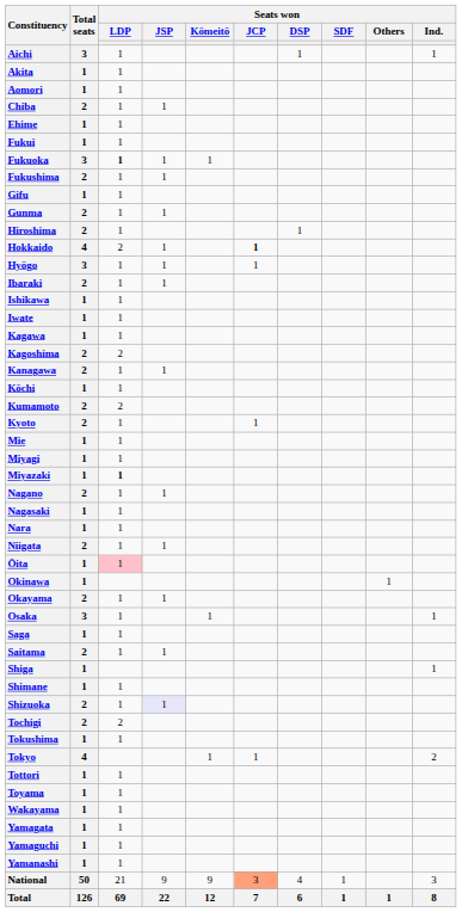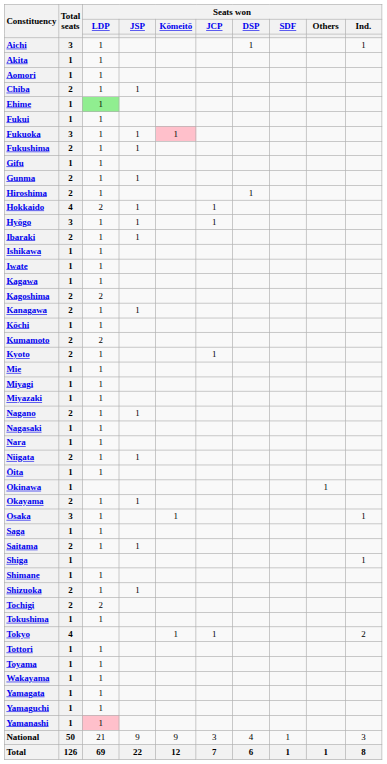 <table class="wikitable" style="text-align:center; font-size: 0.9em;">
 <tr>
 <th rowspan="3">Constituency</th>
 <th rowspan="3">Total<br>seats</th>
 <th colspan="8">Seats won</th>
 </tr>
 <tr>
 <th class="unsortable" style="width:60px;"><a href='#'>LDP</a></th>
 <th class="unsortable" style="width:60px;"><a href='#'>JSP</a></th>
 <th class="unsortable" style="width:60px;"><a href='#'>Kōmeitō</a></th>
 <th class="unsortable" style="width:60px;"><a href='#'>JCP</a></th>
 <th class="unsortable" style="width:60px;"><a href='#'>DSP</a></th>
 <th class="unsortable" style="width:60px;"><a href='#'>SDF</a></th>
 <th class="unsortable" style="width:60px;">Others</th>
 <th class="unsortable" style="width:60px;">Ind.</th>
 </tr>
 <tr>
 <th style="background:"></th>
 <th style="background:"></th>
 <th style="background:"></th>
 <th style="background:"></th>
 <th style="background:"></th>
 <th style="background:"></th>
 <th></th>
 <th style="background:"></th>
 </tr>
 <tr>
 <th style="text-align: left;"><a href='#'>Aichi</a></th>
 <th>3</th>
 <td>1</td>
 <td></td>
 <td></td>
 <td></td>
 <td>1</td>
 <td></td>
 <td></td>
 <td>1</td>
 </tr>
 <tr>
 <th style="text-align: left;"><a href='#'>Akita</a></th>
 <th>1</th>
 <td>1</td>
 <td></td>
 <td></td>
 <td></td>
 <td></td>
 <td></td>
 <td></td>
 <td></td>
 </tr>
 <tr>
 <th style="text-align: left;"><a href='#'>Aomori</a></th>
 <th>1</th>
 <td>1</td>
 <td></td>
 <td></td>
 <td></td>
 <td></td>
 <td></td>
 <td></td>
 <td></td>
 </tr>
 <tr>
 <th style="text-align: left;"><a href='#'>Chiba</a></th>
 <th>2</th>
 <td>1</td>
 <td>1</td>
 <td></td>
 <td></td>
 <td></td>
 <td></td>
 <td></td>
 <td></td>
 </tr>
 <tr>
 <th style="text-align: left;"><a href='#'>Ehime</a></th>
 <th>1</th>
-<td>1</td>
+<td style="background: lightgreen;">1</td>
 <td></td>
 <td></td>
 <td></td>
 <td></td>
 <td></td>
 <td></td>
 <td></td>
 </tr>
 <tr>
 <th style="text-align: left;"><a href='#'>Fukui</a></th>
 <th>1</th>
 <td>1</td>
 <td></td>
 <td></td>
 <td></td>
 <td></td>
 <td></td>
 <td></td>
 <td></td>
 </tr>
 <tr>
 <th style="text-align: left;"><a href='#'>Fukuoka</a></th>
 <th>3</th>
-<td><strong>1</strong></td>
 <td>1</td>
 <td>1</td>
+<td style="background: pink;">1</td>
 <td></td>
 <td></td>
 <td></td>
 <td></td>
 <td></td>
 </tr>
 <tr>
 <th style="text-align: left;"><a href='#'>Fukushima</a></th>
 <th>2</th>
 <td>1</td>
 <td>1</td>
 <td></td>
 <td></td>
 <td></td>
 <td></td>
 <td></td>
 <td></td>
 </tr>
 <tr>
 <th style="text-align: left;"><a href='#'>Gifu</a></th>
 <th>1</th>
 <td>1</td>
 <td></td>
 <td></td>
 <td></td>
 <td></td>
 <td></td>
 <td></td>
 <td></td>
 </tr>
 <tr>
 <th style="text-align: left;"><a href='#'>Gunma</a></th>
 <th>2</th>
 <td>1</td>
 <td>1</td>
 <td></td>
 <td></td>
 <td></td>
 <td></td>
 <td></td>
 <td></td>
 </tr>
 <tr>
 <th style="text-align: left;"><a href='#'>Hiroshima</a></th>
 <th>2</th>
 <td>1</td>
 <td></td>
 <td></td>
 <td></td>
 <td>1</td>
 <td></td>
 <td></td>
 <td></td>
 </tr>
 <tr>
 <th style="text-align: left;"><a href='#'>Hokkaido</a></th>
 <th>4</th>
 <td>2</td>
 <td>1</td>
 <td></td>
-<td><strong>1</strong></td>
+<td>1</td>
 <td></td>
 <td></td>
 <td></td>
 <td></td>
 </tr>
 <tr>
 <th style="text-align: left;"><a href='#'>Hyōgo</a></th>
 <th>3</th>
 <td>1</td>
 <td>1</td>
 <td></td>
 <td>1</td>
 <td></td>
 <td></td>
 <td></td>
 <td></td>
 </tr>
 <tr>
 <th style="text-align: left;"><a href='#'>Ibaraki</a></th>
 <th>2</th>
 <td>1</td>
 <td>1</td>
 <td></td>
 <td></td>
 <td></td>
 <td></td>
 <td></td>
 <td></td>
 </tr>
 <tr>
 <th style="text-align: left;"><a href='#'>Ishikawa</a></th>
 <th>1</th>
 <td>1</td>
 <td></td>
 <td></td>
 <td></td>
 <td></td>
 <td></td>
 <td></td>
 <td></td>
 </tr>
 <tr>
 <th style="text-align: left;"><a href='#'>Iwate</a></th>
 <th>1</th>
 <td>1</td>
 <td></td>
 <td></td>
 <td></td>
 <td></td>
 <td></td>
 <td></td>
 <td></td>
 </tr>
 <tr>
 <th style="text-align: left;"><a href='#'>Kagawa</a></th>
 <th>1</th>
 <td>1</td>
 <td></td>
 <td></td>
 <td></td>
 <td></td>
 <td></td>
 <td></td>
 <td></td>
 </tr>
 <tr>
 <th style="text-align: left;"><a href='#'>Kagoshima</a></th>
 <th>2</th>
 <td>2</td>
 <td></td>
 <td></td>
 <td></td>
 <td></td>
 <td></td>
 <td></td>
 <td></td>
 </tr>
 <tr>
 <th style="text-align: left;"><a href='#'>Kanagawa</a></th>
 <th>2</th>
 <td>1</td>
 <td>1</td>
 <td></td>
 <td></td>
 <td></td>
 <td></td>
 <td></td>
 <td></td>
 </tr>
 <tr>
 <th style="text-align: left;"><a href='#'>Kōchi</a></th>
 <th>1</th>
 <td>1</td>
 <td></td>
 <td></td>
 <td></td>
 <td></td>
 <td></td>
 <td></td>
 <td></td>
 </tr>
 <tr>
 <th style="text-align: left;"><a href='#'>Kumamoto</a></th>
 <th>2</th>
 <td>2</td>
 <td></td>
 <td></td>
 <td></td>
 <td></td>
 <td></td>
 <td></td>
 <td></td>
 </tr>
 <tr>
 <th style="text-align: left;"><a href='#'>Kyoto</a></th>
 <th>2</th>
 <td>1</td>
 <td></td>
 <td></td>
 <td>1</td>
 <td></td>
 <td></td>
 <td></td>
 <td></td>
 </tr>
 <tr>
 <th style="text-align: left;"><a href='#'>Mie</a></th>
 <th>1</th>
 <td>1</td>
 <td></td>
 <td></td>
 <td></td>
 <td></td>
 <td></td>
 <td></td>
 <td></td>
 </tr>
 <tr>
 <th style="text-align: left;"><a href='#'>Miyagi</a></th>
 <th>1</th>
 <td>1</td>
 <td></td>
 <td></td>
 <td></td>
 <td></td>
 <td></td>
 <td></td>
 <td></td>
 </tr>
 <tr>
 <th style="text-align: left;"><a href='#'>Miyazaki</a></th>
 <th>1</th>
-<td><strong>1</strong></td>
+<td>1</td>
 <td></td>
 <td></td>
 <td></td>
 <td></td>
 <td></td>
 <td></td>
 <td></td>
 </tr>
 <tr>
 <th style="text-align: left;"><a href='#'>Nagano</a></th>
 <th>2</th>
 <td>1</td>
 <td>1</td>
 <td></td>
 <td></td>
 <td></td>
 <td></td>
 <td></td>
 <td></td>
 </tr>
 <tr>
 <th style="text-align: left;"><a href='#'>Nagasaki</a></th>
 <th>1</th>
 <td>1</td>
 <td></td>
 <td></td>
 <td></td>
 <td></td>
 <td></td>
 <td></td>
 <td></td>
 </tr>
 <tr>
 <th style="text-align: left;"><a href='#'>Nara</a></th>
 <th>1</th>
 <td>1</td>
 <td></td>
 <td></td>
 <td></td>
 <td></td>
 <td></td>
 <td></td>
 <td></td>
 </tr>
 <tr>
 <th style="text-align: left;"><a href='#'>Niigata</a></th>
 <th>2</th>
 <td>1</td>
 <td>1</td>
 <td></td>
 <td></td>
 <td></td>
 <td></td>
 <td></td>
 <td></td>
 </tr>
 <tr>
 <th style="text-align: left;"><a href='#'>Ōita</a></th>
 <th>1</th>
-<td style="background: pink;">1</td>
+<td>1</td>
 <td></td>
 <td></td>
 <td></td>
 <td></td>
 <td></td>
 <td></td>
 <td></td>
 </tr>
 <tr>
 <th style="text-align: left;"><a href='#'>Okinawa</a></th>
 <th>1</th>
 <td></td>
 <td></td>
 <td></td>
 <td></td>
 <td></td>
 <td></td>
 <td>1</td>
 <td></td>
 </tr>
 <tr>
 <th style="text-align: left;"><a href='#'>Okayama</a></th>
 <th>2</th>
 <td>1</td>
 <td>1</td>
 <td></td>
 <td></td>
 <td></td>
 <td></td>
 <td></td>
 <td></td>
 </tr>
 <tr>
 <th style="text-align: left;"><a href='#'>Osaka</a></th>
 <th>3</th>
 <td>1</td>
 <td></td>
 <td>1</td>
 <td></td>
 <td></td>
 <td></td>
 <td></td>
 <td>1</td>
 </tr>
 <tr>
 <th style="text-align: left;"><a href='#'>Saga</a></th>
 <th>1</th>
 <td>1</td>
 <td></td>
 <td></td>
 <td></td>
 <td></td>
 <td></td>
 <td></td>
 <td></td>
 </tr>
 <tr>
 <th style="text-align: left;"><a href='#'>Saitama</a></th>
 <th>2</th>
 <td>1</td>
 <td>1</td>
 <td></td>
 <td></td>
 <td></td>
 <td></td>
 <td></td>
 <td></td>
 </tr>
 <tr>
 <th style="text-align: left;"><a href='#'>Shiga</a></th>
 <th>1</th>
 <td></td>
 <td></td>
 <td></td>
 <td></td>
 <td></td>
 <td></td>
 <td></td>
 <td>1</td>
 </tr>
 <tr>
 <th style="text-align: left;"><a href='#'>Shimane</a></th>
 <th>1</th>
 <td>1</td>
 <td></td>
 <td></td>
 <td></td>
 <td></td>
 <td></td>
 <td></td>
 <td></td>
 </tr>
 <tr>
 <th style="text-align: left;"><a href='#'>Shizuoka</a></th>
 <th>2</th>
 <td>1</td>
-<td style="background: lavender;">1</td>
+<td>1</td>
 <td></td>
 <td></td>
 <td></td>
 <td></td>
 <td></td>
 <td></td>
 </tr>
 <tr>
 <th style="text-align: left;"><a href='#'>Tochigi</a></th>
 <th>2</th>
 <td>2</td>
 <td></td>
 <td></td>
 <td></td>
 <td></td>
 <td></td>
 <td></td>
 <td></td>
 </tr>
 <tr>
 <th style="text-align: left;"><a href='#'>Tokushima</a></th>
 <th>1</th>
 <td>1</td>
 <td></td>
 <td></td>
 <td></td>
 <td></td>
 <td></td>
 <td></td>
 <td></td>
 </tr>
 <tr>
 <th style="text-align: left;"><a href='#'>Tokyo</a></th>
 <th>4</th>
 <td></td>
 <td></td>
 <td>1</td>
 <td>1</td>
 <td></td>
 <td></td>
 <td></td>
 <td>2</td>
 </tr>
 <tr>
 <th style="text-align: left;"><a href='#'>Tottori</a></th>
 <th>1</th>
 <td>1</td>
 <td></td>
 <td></td>
 <td></td>
 <td></td>
 <td></td>
 <td></td>
 <td></td>
 </tr>
 <tr>
 <th style="text-align: left;"><a href='#'>Toyama</a></th>
 <th>1</th>
 <td>1</td>
 <td></td>
 <td></td>
 <td></td>
 <td></td>
 <td></td>
 <td></td>
 <td></td>
 </tr>
 <tr>
 <th style="text-align: left;"><a href='#'>Wakayama</a></th>
 <th>1</th>
 <td>1</td>
 <td></td>
 <td></td>
 <td></td>
 <td></td>
 <td></td>
 <td></td>
 <td></td>
 </tr>
 <tr>
 <th style="text-align: left;"><a href='#'>Yamagata</a></th>
 <th>1</th>
 <td>1</td>
 <td></td>
 <td></td>
 <td></td>
 <td></td>
 <td></td>
 <td></td>
 <td></td>
 </tr>
 <tr>
 <th style="text-align: left;"><a href='#'>Yamaguchi</a></th>
 <th>1</th>
 <td>1</td>
 <td></td>
 <td></td>
 <td></td>
 <td></td>
 <td></td>
 <td></td>
 <td></td>
 </tr>
 <tr>
 <th style="text-align: left;"><a href='#'>Yamanashi</a></th>
 <th>1</th>
-<td>1</td>
+<td style="background: pink;">1</td>
 <td></td>
 <td></td>
 <td></td>
 <td></td>
 <td></td>
 <td></td>
 <td></td>
 </tr>
 <tr>
 <th style="text-align: left;">National</th>
 <th>50</th>
 <td>21</td>
 <td>9</td>
 <td>9</td>
-<td style="background: lightsalmon;">3</td>
+<td>3</td>
 <td>4</td>
 <td>1</td>
 <td></td>
 <td>3</td>
 </tr>
 <tr class="sortbottom">
 <th style="text-align: left;">Total</th>
 <th>126</th>
 <th>69</th>
 <th>22</th>
 <th>12</th>
 <th>7</th>
 <th>6</th>
 <th>1</th>
 <th>1</th>
 <th>8</th>
 </tr>
 </table>
